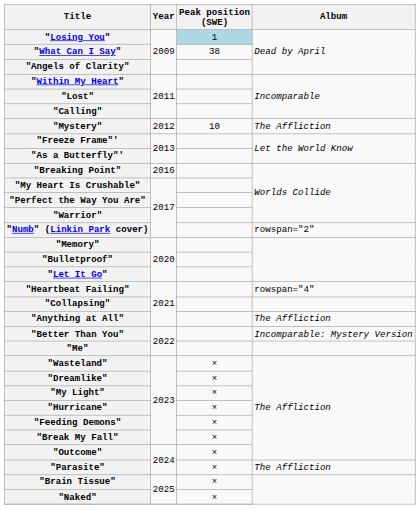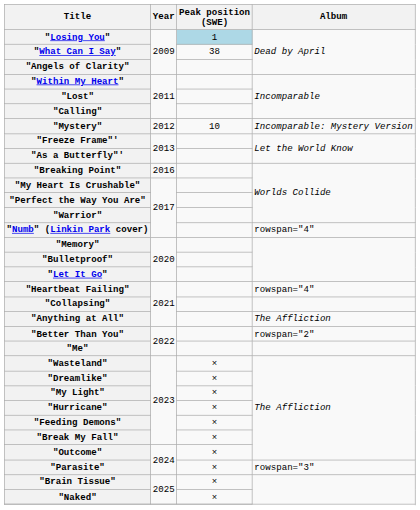 <table class="wikitable plainrowheaders">
 <tr>
 <th>Title</th>
 <th>Year</th>
 <th>Peak position <br>(SWE)<br></th>
 <th>Album</th>
 </tr>
 <tr>
 <th scope="row">"<a href='#'>Losing You</a>"</th>
 <td rowspan="3">2009</td>
 <td style="background: lightblue; text-align:center;">1</td>
 <td rowspan="3"><em>Dead by April</em></td>
 </tr>
 <tr>
 <th scope="row">"<a href='#'>What Can I Say</a>"</th>
 <td style="text-align:center;">38</td>
 </tr>
 <tr>
 <th scope="row">"Angels of Clarity"</th>
 <td style="text-align:center;"></td>
 </tr>
 <tr>
 <th scope="row">"<a href='#'>Within My Heart</a>"</th>
 <td rowspan="3">2011</td>
 <td style="text-align:center;"></td>
 <td rowspan="3"><em>Incomparable</em></td>
 </tr>
 <tr>
 <th scope="row">"Lost"</th>
 <td style="text-align:center;"></td>
 </tr>
 <tr>
 <th scope="row">"Calling"</th>
 <td style="text-align:center;"></td>
 </tr>
 <tr>
 <th scope="row">"Mystery"</th>
 <td>2012</td>
 <td style="text-align:center;">10</td>
-<td><em>The Affliction</em></td>
+<td><em>Incomparable: Mystery Version</em></td>
 </tr>
 <tr>
 <th scope="row">"Freeze Frame"'</th>
 <td rowspan="2">2013</td>
 <td style="text-align:center;"></td>
 <td rowspan="2"><em>Let the World Know</em></td>
 </tr>
 <tr>
 <th scope="row">"As a Butterfly"'</th>
 <td style="text-align:center;"></td>
 </tr>
 <tr>
 <th scope="row">"Breaking Point"</th>
 <td>2016</td>
 <td style="text-align:center;"></td>
 <td rowspan="4"><em>Worlds Collide</em></td>
 </tr>
 <tr>
 <th scope="row">"My Heart Is Crushable"</th>
 <td rowspan="4">2017</td>
 <td style="text-align:center;"></td>
 </tr>
 <tr>
 <th scope="row">"Perfect the Way You Are"</th>
 <td style="text-align:center;"></td>
 </tr>
 <tr>
 <th scope="row">"Warrior"</th>
 <td style="text-align:center;"></td>
 </tr>
 <tr>
 <th scope="row">"<a href='#'>Numb</a>" (<a href='#'>Linkin Park</a> cover)</th>
 <td style="text-align:center;"></td>
-<td>rowspan="2" </td>
+<td>rowspan="4" </td>
 </tr>
 <tr>
 <th scope="row">"Memory"</th>
 <td rowspan="3">2020</td>
 <td style="text-align:center;"></td>
 </tr>
 <tr>
 <th scope="row">"Bulletproof"</th>
 <td style="text-align:center;"></td>
 </tr>
 <tr>
 <th scope="row">"<a href='#'>Let It Go</a>"</th>
 <td style="text-align:center;"></td>
 </tr>
 <tr>
 <th scope="row">"Heartbeat Failing"</th>
 <td rowspan="3">2021</td>
 <td style="text-align:center;"></td>
 <td>rowspan="4" </td>
 </tr>
 <tr>
 <th scope="row">"Collapsing"</th>
 <td style="text-align:center;"></td>
 <td></td>
 </tr>
 <tr>
 <th scope="row">"Anything at All"</th>
 <td style="text-align:center;"></td>
 <td><em>The Affliction</em></td>
 </tr>
 <tr>
 <th scope="row">"Better Than You"</th>
 <td rowspan="2">2022</td>
 <td style="text-align:center;"></td>
-<td><em>Incomparable: Mystery Version</em></td>
+<td>rowspan="2" </td>
 </tr>
 <tr>
 <th scope="row">"Me"</th>
 <td style="text-align:center;"></td>
 </tr>
 <tr>
 <th scope="row">"Wasteland" <br></th>
 <td rowspan="6">2023</td>
 <td style="text-align:center;">×</td>
 <td rowspan="7"><em>The Affliction</em></td>
 </tr>
 <tr>
 <th scope="row">"Dreamlike"</th>
 <td style="text-align:center;">×</td>
 </tr>
 <tr>
 <th scope="row">"My Light"</th>
 <td style="text-align:center;">×</td>
 </tr>
 <tr>
 <th scope="row">"Hurricane" <br></th>
 <td style="text-align:center;">×</td>
 </tr>
 <tr>
 <th scope="row">"Feeding Demons" <br></th>
 <td style="text-align:center;">×</td>
 </tr>
 <tr>
 <th scope="row">"Break My Fall" <br></th>
 <td style="text-align:center;">×</td>
 </tr>
 <tr>
 <th scope="row">"Outcome" <br></th>
 <td rowspan="2">2024</td>
 <td style="text-align:center;">×</td>
 </tr>
 <tr>
 <th scope="row">"Parasite" <br></th>
 <td style="text-align:center;">×</td>
-<td><em>The Affliction</em></td>
+<td>rowspan="3" </td>
 </tr>
 <tr>
 <th scope="row">"Brain Tissue"</th>
 <td rowspan="2">2025</td>
 <td style="text-align:center;">×</td>
 </tr>
 <tr>
 <th scope="row">"Naked"</th>
 <td style="text-align:center;">×</td>
 </tr>
 <tr>
 </tr>
 </table>
